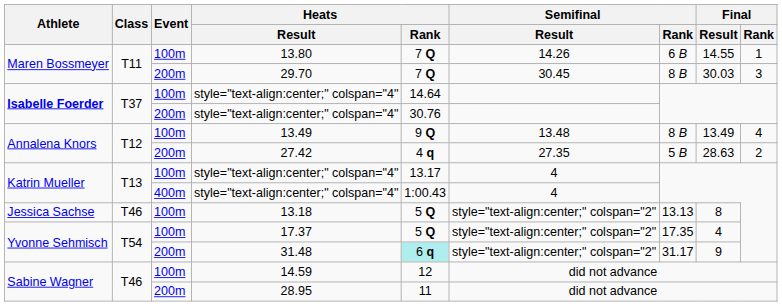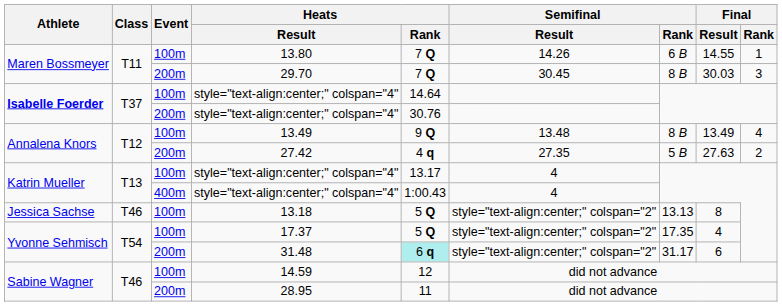 <table class=wikitable style="font-size:90%">
 <tr>
 <th rowspan="2">Athlete</th>
 <th rowspan="2">Class</th>
 <th rowspan="2">Event</th>
 <th colspan="2">Heats</th>
 <th colspan="2">Semifinal</th>
 <th colspan="2">Final</th>
 </tr>
 <tr>
 <th>Result</th>
 <th>Rank</th>
 <th>Result</th>
 <th>Rank</th>
 <th>Result</th>
 <th>Rank</th>
 </tr>
 <tr>
 <td rowspan="2"><a href='#'>Maren Bossmeyer</a></td>
 <td rowspan="2" style="text-align:center;">T11</td>
 <td><a href='#'>100m</a></td>
 <td style="text-align:center;">13.80</td>
 <td style="text-align:center;">7 <strong>Q</strong></td>
 <td style="text-align:center;">14.26</td>
 <td style="text-align:center;">6 <em>B</em></td>
 <td style="text-align:center;">14.55</td>
 <td style="text-align:center;">1</td>
 </tr>
 <tr>
 <td><a href='#'>200m</a></td>
 <td style="text-align:center;">29.70</td>
 <td style="text-align:center;">7 <strong>Q</strong></td>
 <td style="text-align:center;">30.45</td>
 <td style="text-align:center;">8 <em>B</em></td>
 <td style="text-align:center;">30.03</td>
 <td style="text-align:center;">3</td>
 </tr>
 <tr>
 <td rowspan="2"><strong><a href='#'>Isabelle Foerder</a></strong></td>
 <td rowspan="2" style="text-align:center;">T37</td>
 <td><a href='#'>100m</a></td>
 <td>style="text-align:center;" colspan="4" </td>
 <td style="text-align:center;">14.64</td>
 <td style="text-align:center;"></td>
 </tr>
 <tr>
 <td><a href='#'>200m</a></td>
 <td>style="text-align:center;" colspan="4" </td>
 <td style="text-align:center;">30.76</td>
 <td style="text-align:center;"></td>
 </tr>
 <tr>
 <td rowspan="2"><a href='#'>Annalena Knors</a></td>
 <td rowspan="2" style="text-align:center;">T12</td>
 <td><a href='#'>100m</a></td>
 <td style="text-align:center;">13.49</td>
 <td style="text-align:center;">9 <strong>Q</strong></td>
 <td style="text-align:center;">13.48</td>
 <td style="text-align:center;">8 <em>B</em></td>
 <td style="text-align:center;">13.49</td>
 <td style="text-align:center;">4</td>
 </tr>
 <tr>
 <td><a href='#'>200m</a></td>
 <td style="text-align:center;">27.42</td>
 <td style="text-align:center;">4 <strong>q</strong></td>
 <td style="text-align:center;">27.35</td>
 <td style="text-align:center;">5 <em>B</em></td>
-<td style="text-align:center;">28.63</td>
+<td style="text-align:center;">27.63</td>
 <td style="text-align:center;">2</td>
 </tr>
 <tr>
 <td rowspan="2"><a href='#'>Katrin Mueller</a></td>
 <td rowspan="2" style="text-align:center;">T13</td>
 <td><a href='#'>100m</a></td>
 <td>style="text-align:center;" colspan="4" </td>
 <td style="text-align:center;">13.17</td>
 <td style="text-align:center;">4</td>
 </tr>
 <tr>
 <td><a href='#'>400m</a></td>
 <td>style="text-align:center;" colspan="4" </td>
 <td style="text-align:center;">1:00.43</td>
 <td style="text-align:center;">4</td>
 </tr>
 <tr>
 <td><a href='#'>Jessica Sachse</a></td>
 <td style="text-align:center;">T46</td>
 <td><a href='#'>100m</a></td>
 <td style="text-align:center;">13.18</td>
 <td style="text-align:center;">5 <strong>Q</strong></td>
 <td>style="text-align:center;" colspan="2" </td>
 <td style="text-align:center;">13.13</td>
 <td style="text-align:center;">8</td>
 </tr>
 <tr>
 <td rowspan="2"><a href='#'>Yvonne Sehmisch</a></td>
 <td rowspan="2" style="text-align:center;">T54</td>
 <td><a href='#'>100m</a></td>
 <td style="text-align:center;">17.37</td>
 <td style="text-align:center;">5 <strong>Q</strong></td>
 <td>style="text-align:center;" colspan="2" </td>
 <td style="text-align:center;">17.35</td>
 <td style="text-align:center;">4</td>
 </tr>
 <tr>
 <td><a href='#'>200m</a></td>
 <td style="text-align:center;">31.48</td>
 <td style="background: paleturquoise; text-align:center;">6 <strong>q</strong></td>
 <td>style="text-align:center;" colspan="2" </td>
 <td style="text-align:center;">31.17</td>
-<td style="text-align:center;">9</td>
+<td style="text-align:center;">6</td>
 </tr>
 <tr>
 <td rowspan="2"><a href='#'>Sabine Wagner</a></td>
 <td rowspan="2" style="text-align:center;">T46</td>
 <td><a href='#'>100m</a></td>
 <td style="text-align:center;">14.59</td>
 <td style="text-align:center;">12</td>
 <td style="text-align:center;" colspan="4">did not advance</td>
 </tr>
 <tr>
 <td><a href='#'>200m</a></td>
 <td style="text-align:center;">28.95</td>
 <td style="text-align:center;">11</td>
 <td style="text-align:center;" colspan="4">did not advance</td>
 </tr>
 </table>
